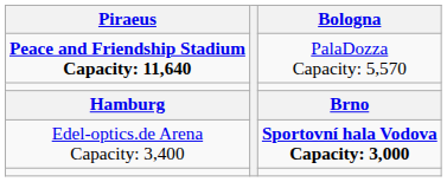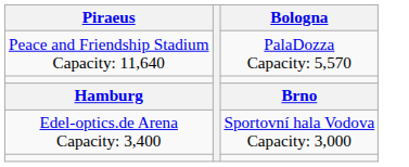 <table class="wikitable" style="text-align:center;">
 <tr>
 <th> <a href='#'>Piraeus</a></th>
 <th rowspan=6></th>
 <th> <a href='#'>Bologna</a></th>
 </tr>
 <tr>
-<td><strong><a href='#'>Peace and Friendship Stadium</a><br>Capacity: 11,640</strong></td>
+<td><a href='#'>Peace and Friendship Stadium</a><br>Capacity: 11,640</td>
 <td><a href='#'>PalaDozza</a><br>Capacity: 5,570</td>
 </tr>
 <tr>
 <td></td>
 <td></td>
 </tr>
 <tr>
 <th> <a href='#'>Hamburg</a></th>
 <th> <a href='#'>Brno</a></th>
 </tr>
 <tr>
 <td><a href='#'>Edel-optics.de Arena</a><br>Capacity: 3,400</td>
-<td><strong><a href='#'>Sportovní hala Vodova</a><br>Capacity: 3,000</strong></td>
+<td><a href='#'>Sportovní hala Vodova</a><br>Capacity: 3,000</td>
 </tr>
 <tr>
 <td></td>
 <td></td>
 </tr>
 </table>
